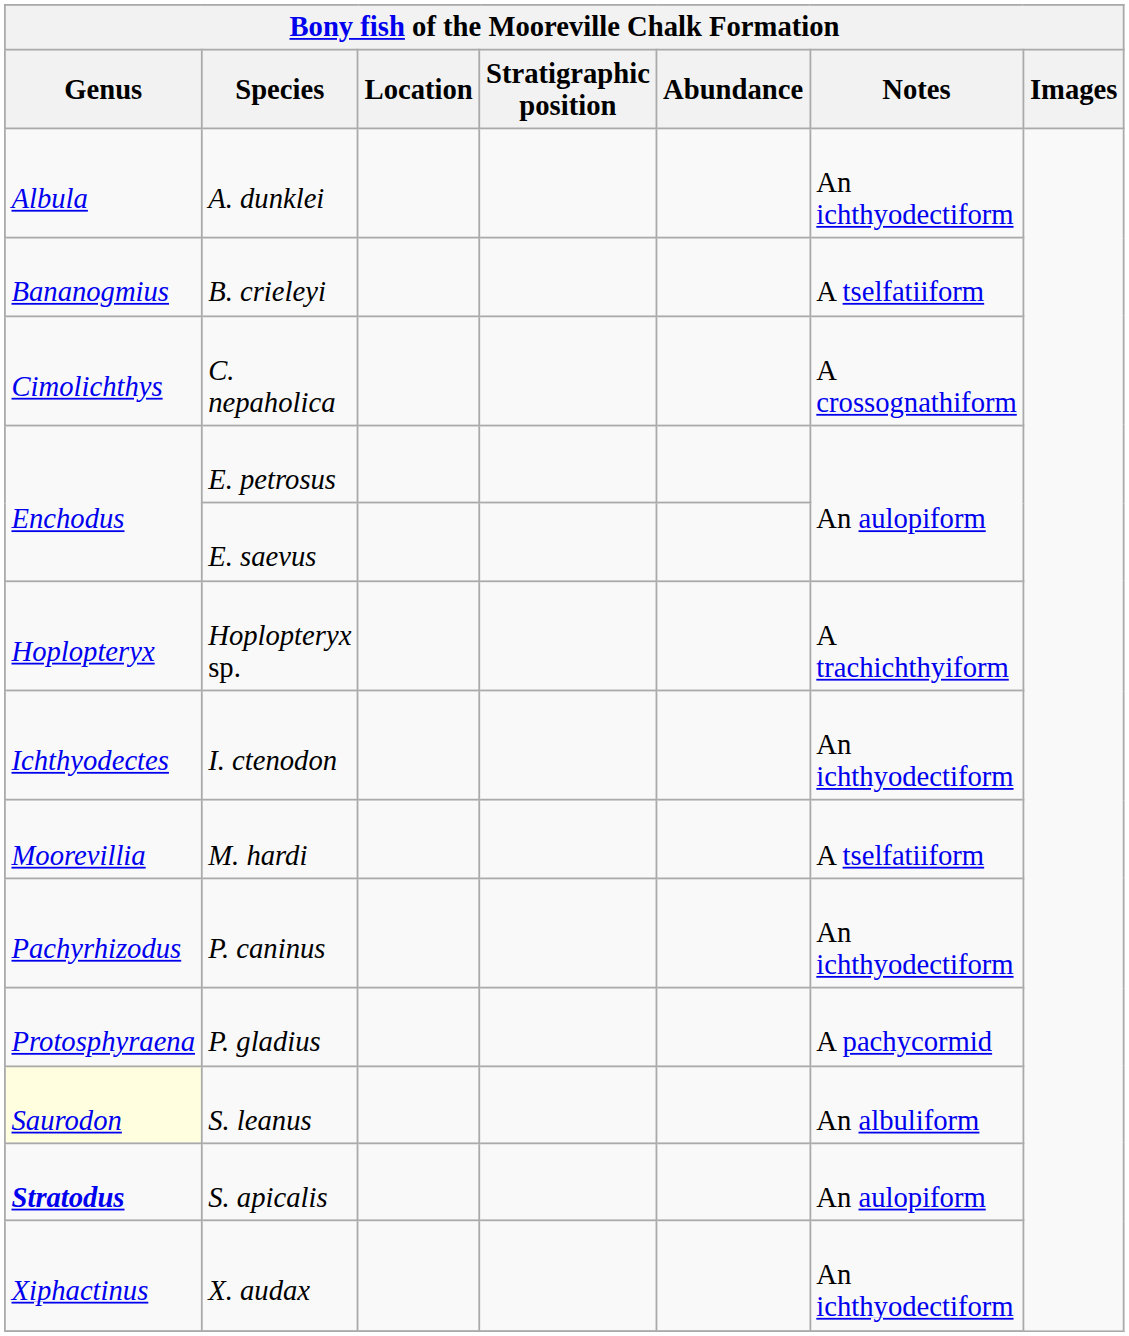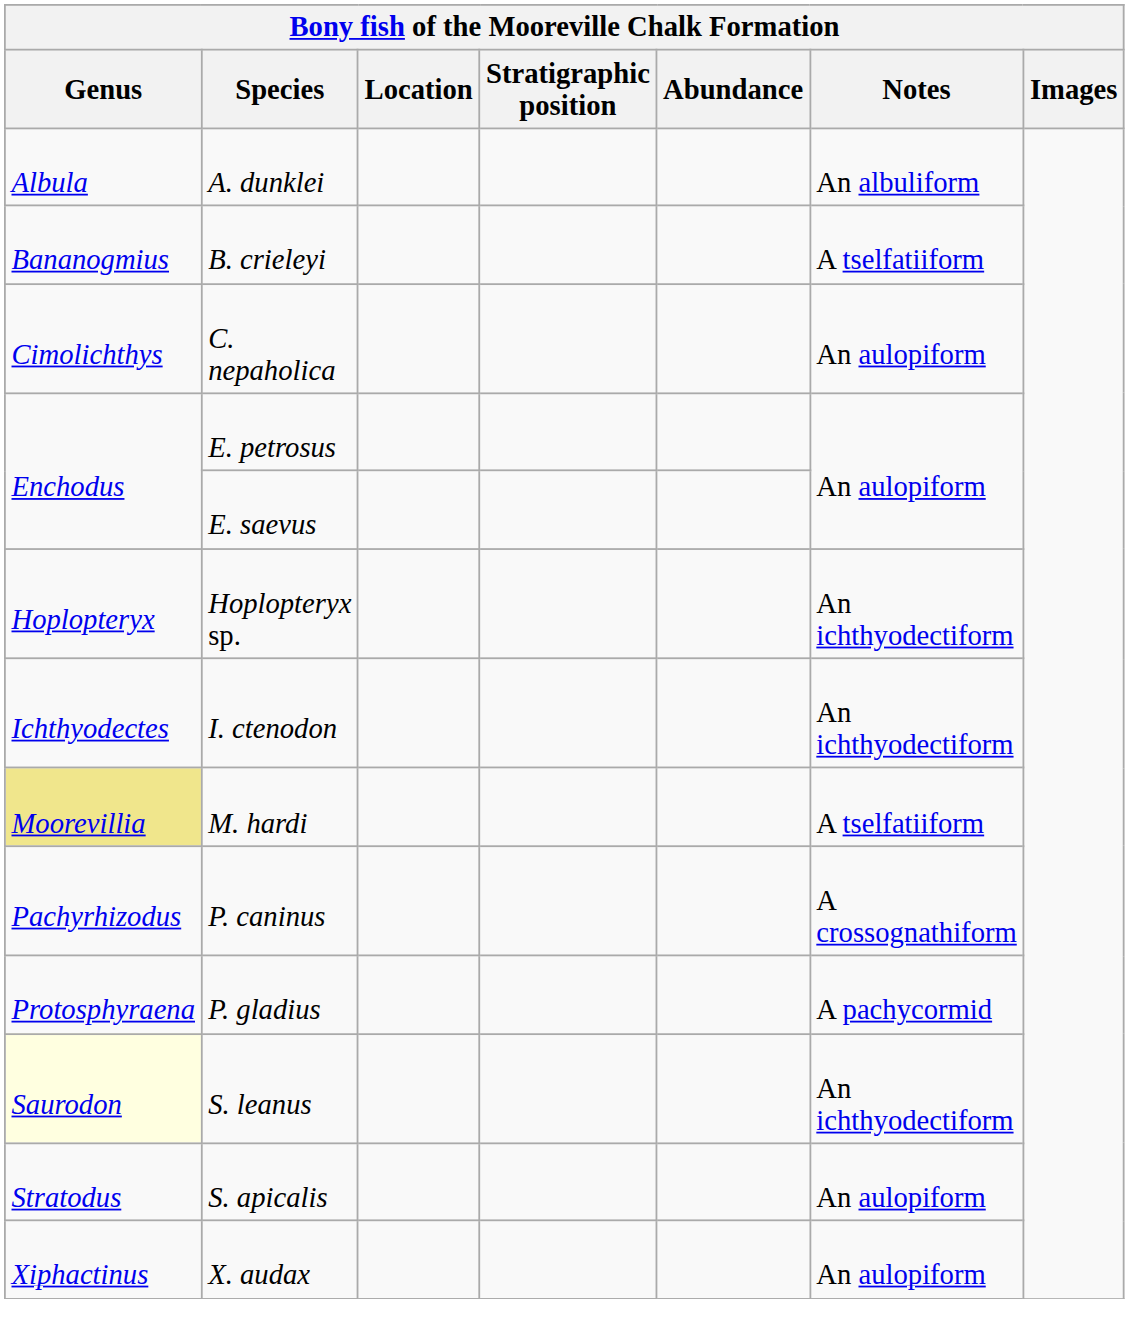 <table class="wikitable" align="center" width="100%">
 <tr>
 <th colspan="7" align="center"><strong><a href='#'>Bony fish</a> of the Mooreville Chalk Formation</strong></th>
 </tr>
 <tr>
 <th>Genus</th>
 <th>Species</th>
 <th>Location</th>
 <th>Stratigraphic position</th>
 <th>Abundance</th>
 <th>Notes</th>
 <th>Images</th>
 </tr>
 <tr>
 <td><br><em><a href='#'>Albula</a></em></td>
 <td><br><em>A. dunklei</em></td>
 <td></td>
 <td></td>
 <td></td>
-<td><br>An <a href='#'>ichthyodectiform</a></td>
+<td><br>An <a href='#'>albuliform</a></td>
 <td rowspan="99"><br>   </td>
 </tr>
 <tr>
 <td><br><em><a href='#'>Bananogmius</a></em></td>
 <td><br><em>B. crieleyi</em></td>
 <td></td>
 <td></td>
 <td></td>
 <td><br>A <a href='#'>tselfatiiform</a></td>
 </tr>
 <tr>
 <td><br><em><a href='#'>Cimolichthys</a></em></td>
 <td><br><em>C. nepaholica</em></td>
 <td></td>
 <td></td>
 <td></td>
-<td><br>A <a href='#'>crossognathiform</a></td>
+<td><br>An <a href='#'>aulopiform</a></td>
 </tr>
 <tr>
 <td rowspan="2"><br><em><a href='#'>Enchodus</a></em></td>
 <td><br><em>E. petrosus</em></td>
 <td></td>
 <td></td>
 <td></td>
 <td rowspan="2"><br>An <a href='#'>aulopiform</a></td>
 </tr>
 <tr>
 <td><br><em>E. saevus</em></td>
 <td></td>
 <td></td>
 <td></td>
 </tr>
 <tr>
 <td><br><em><a href='#'>Hoplopteryx</a></em></td>
 <td><br><em>Hoplopteryx</em> sp.</td>
 <td></td>
 <td></td>
 <td></td>
-<td><br>A <a href='#'>trachichthyiform</a></td>
+<td><br>An <a href='#'>ichthyodectiform</a></td>
 </tr>
 <tr>
 <td><br><em><a href='#'>Ichthyodectes</a></em></td>
 <td><br><em>I. ctenodon</em></td>
 <td></td>
 <td></td>
 <td></td>
 <td><br>An <a href='#'>ichthyodectiform</a></td>
 </tr>
 <tr>
-<td><br><em><a href='#'>Moorevillia</a></em></td>
+<td style="background: khaki;"><br><em><a href='#'>Moorevillia</a></em></td>
 <td><br><em>M. hardi</em></td>
 <td></td>
 <td></td>
 <td></td>
 <td><br>A <a href='#'>tselfatiiform</a></td>
 </tr>
 <tr>
 <td><br><em><a href='#'>Pachyrhizodus</a></em></td>
 <td><br><em>P. caninus</em></td>
 <td></td>
 <td></td>
 <td></td>
-<td><br>An <a href='#'>ichthyodectiform</a></td>
+<td><br>A <a href='#'>crossognathiform</a></td>
 </tr>
 <tr>
 <td><br><em><a href='#'>Protosphyraena</a></em></td>
 <td><br><em>P. gladius</em></td>
 <td></td>
 <td></td>
 <td></td>
 <td><br>A <a href='#'>pachycormid</a></td>
 </tr>
 <tr>
 <td style="background: lightyellow;"><br><em><a href='#'>Saurodon</a></em></td>
 <td><br><em>S. leanus</em></td>
 <td></td>
 <td></td>
 <td></td>
-<td><br>An <a href='#'>albuliform</a></td>
+<td><br>An <a href='#'>ichthyodectiform</a></td>
 </tr>
 <tr>
-<td><strong><br><em><a href='#'>Stratodus</a></em></strong></td>
+<td><br><em><a href='#'>Stratodus</a></em></td>
 <td><br><em>S. apicalis</em></td>
 <td></td>
 <td></td>
 <td></td>
 <td><br>An <a href='#'>aulopiform</a></td>
 </tr>
 <tr>
 <td><br><em><a href='#'>Xiphactinus</a></em></td>
 <td><br><em>X. audax</em></td>
 <td></td>
 <td></td>
 <td></td>
-<td><br>An <a href='#'>ichthyodectiform</a></td>
+<td><br>An <a href='#'>aulopiform</a></td>
 </tr>
 <tr>
 </tr>
 </table>
